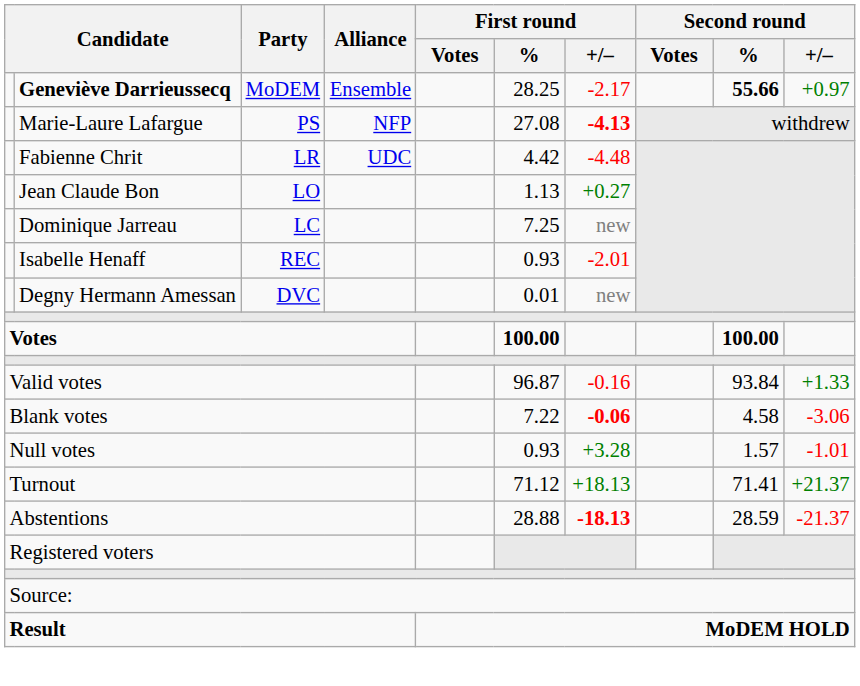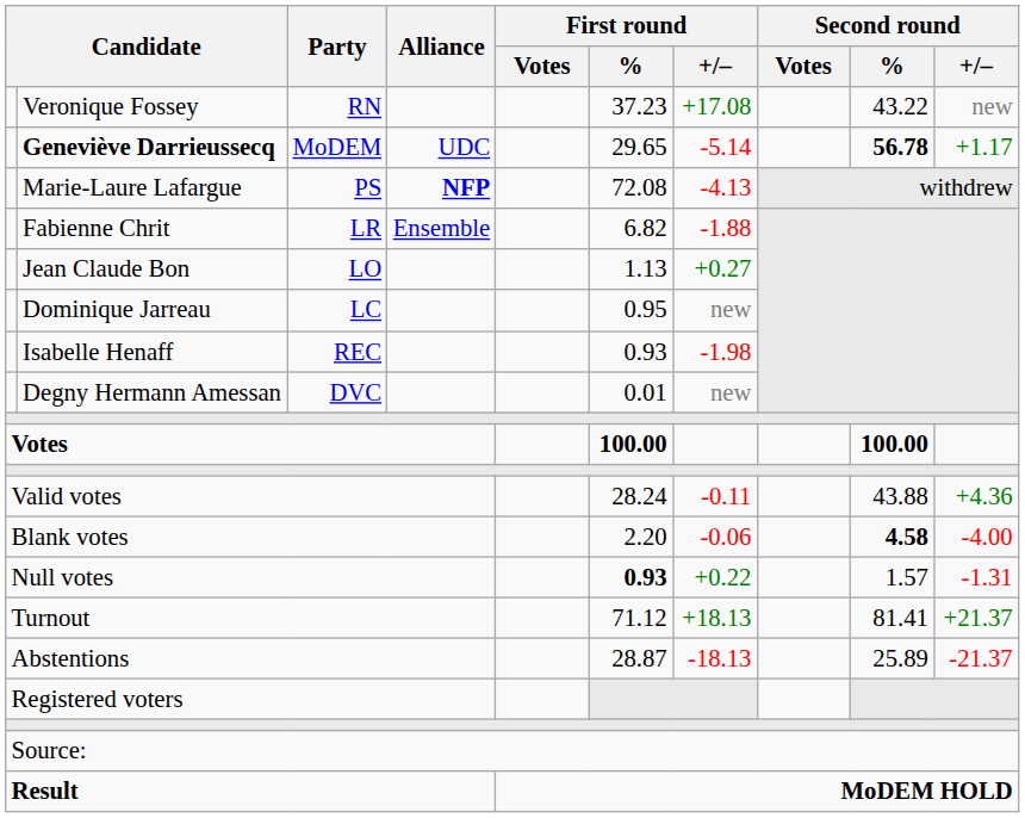 <table class="wikitable" style="text-align:right;font-size:95%;">
 <tr>
 <th rowspan="2" colspan="2">Candidate</th>
 <th colspan="1" rowspan="2">Party</th>
 <th colspan="1" rowspan="2">Alliance</th>
 <th colspan="3">First round</th>
 <th colspan="3">Second round</th>
 </tr>
 <tr>
 <th style="width:50px;">Votes</th>
 <th style="width:45px;">%</th>
 <th style="width:45px;">+/–</th>
 <th style="width:50px;">Votes</th>
 <th style="width:45px;">%</th>
 <th style="width:45px;">+/–</th>
 </tr>
 <tr>
 <td style="color:inherit;background:"></td>
+<td style="text-align:left;">Veronique Fossey</td>
+<td><a href='#'>RN</a></td>
+<td></td>
+<td></td>
+<td>37.23</td>
+<td style="color:green;">+17.08</td>
+<td></td>
+<td>43.22</td>
+<td style="color:grey;">new</td>
+</tr>
+<tr>
+<td style="color:inherit;background:"></td>
 <td style="text-align:left;"><strong>Geneviève Darrieussecq</strong></td>
 <td><a href='#'>MoDEM</a></td>
-<td><a href='#'>Ensemble</a></td>
+<td><a href='#'>UDC</a></td>
 <td></td>
-<td>28.25</td>
-<td style="color:red;">-2.17</td>
+<td>29.65</td>
+<td style="color:red;">-5.14</td>
 <td><strong></strong></td>
-<td><strong>55.66</strong></td>
-<td style="color:green;">+0.97</td>
+<td><strong>56.78</strong></td>
+<td style="color:green;">+1.17</td>
 </tr>
 <tr>
 <td style="color:inherit;background:"></td>
 <td style="text-align:left;">Marie-Laure Lafargue</td>
 <td><a href='#'>PS</a></td>
-<td><a href='#'>NFP</a></td>
+<td><strong><a href='#'>NFP</a></strong></td>
 <td></td>
-<td>27.08</td>
-<td style="color:red;"><strong>-4.13</strong></td>
+<td>72.08</td>
+<td style="color:red;">-4.13</td>
 <td colspan="3" style="background:#E9E9E9;">withdrew</td>
 </tr>
 <tr>
 <td style="color:inherit;background:"></td>
 <td style="text-align:left;">Fabienne Chrit</td>
 <td><a href='#'>LR</a></td>
-<td><a href='#'>UDC</a></td>
+<td><a href='#'>Ensemble</a></td>
 <td></td>
-<td>4.42</td>
-<td style="color:red;">-4.48</td>
+<td>6.82</td>
+<td style="color:red;">-1.88</td>
 <td colspan="3" rowspan="5" style="background:#E9E9E9;"></td>
 </tr>
 <tr>
 <td style="color:inherit;background:"></td>
 <td style="text-align:left;">Jean Claude Bon</td>
 <td><a href='#'>LO</a></td>
 <td></td>
 <td></td>
 <td>1.13</td>
 <td style="color:green;">+0.27</td>
 </tr>
 <tr>
 <td style="color:inherit;background:"></td>
 <td style="text-align:left;">Dominique Jarreau</td>
 <td><a href='#'>LC</a></td>
 <td></td>
 <td></td>
-<td>7.25</td>
+<td>0.95</td>
 <td style="color:grey;">new</td>
 </tr>
 <tr>
 <td style="color:inherit;background:"></td>
 <td style="text-align:left;">Isabelle Henaff</td>
 <td><a href='#'>REC</a></td>
 <td></td>
 <td></td>
 <td>0.93</td>
-<td style="color:red;">-2.01</td>
+<td style="color:red;">-1.98</td>
 </tr>
 <tr>
 <td style="color:inherit;background:"></td>
 <td style="text-align:left;">Degny Hermann Amessan</td>
 <td><a href='#'>DVC</a></td>
 <td></td>
 <td></td>
 <td>0.01</td>
 <td style="color:grey;">new</td>
 </tr>
 <tr>
 <td colspan="10" style="background:#E9E9E9;"></td>
 </tr>
 <tr style="font-weight:bold;">
 <td colspan="4" style="text-align:left;">Votes</td>
 <td></td>
 <td>100.00</td>
 <td></td>
 <td></td>
 <td>100.00</td>
 <td></td>
 </tr>
 <tr>
 <td colspan="10" style="background:#E9E9E9;"></td>
 </tr>
 <tr>
 <td colspan="4" style="text-align:left;">Valid votes</td>
 <td></td>
-<td>96.87</td>
-<td style="color:red;">-0.16</td>
+<td>28.24</td>
+<td style="color:red;">-0.11</td>
 <td></td>
-<td>93.84</td>
-<td style="color:green;">+1.33</td>
+<td>43.88</td>
+<td style="color:green;">+4.36</td>
 </tr>
 <tr>
 <td colspan="4" style="text-align:left;">Blank votes</td>
 <td></td>
-<td>7.22</td>
-<td style="color:red;"><strong>-0.06</strong></td>
+<td>2.20</td>
+<td style="color:red;">-0.06</td>
 <td></td>
-<td>4.58</td>
-<td style="color:red;">-3.06</td>
+<td><strong>4.58</strong></td>
+<td style="color:red;">-4.00</td>
 </tr>
 <tr>
 <td colspan="4" style="text-align:left;">Null votes</td>
 <td></td>
-<td>0.93</td>
-<td style="color:green;">+3.28</td>
+<td><strong>0.93</strong></td>
+<td style="color:green;">+0.22</td>
 <td></td>
 <td>1.57</td>
-<td style="color:red;">-1.01</td>
+<td style="color:red;">-1.31</td>
 </tr>
 <tr>
 <td colspan="4" style="text-align:left;">Turnout</td>
 <td></td>
 <td>71.12</td>
 <td style="color:green;">+18.13</td>
 <td></td>
-<td>71.41</td>
+<td>81.41</td>
 <td style="color:green;">+21.37</td>
 </tr>
 <tr>
 <td colspan="4" style="text-align:left;">Abstentions</td>
 <td></td>
-<td>28.88</td>
-<td style="color:red;"><strong>-18.13</strong></td>
+<td>28.87</td>
+<td style="color:red;">-18.13</td>
 <td></td>
-<td>28.59</td>
+<td>25.89</td>
 <td style="color:red;">-21.37</td>
 </tr>
 <tr>
 <td colspan="4" style="text-align:left;">Registered voters</td>
 <td></td>
 <td colspan="2" style="background:#E9E9E9;"></td>
 <td></td>
 <td colspan="2" style="background:#E9E9E9;"></td>
 </tr>
 <tr>
 <td colspan="10" style="background:#E9E9E9;"></td>
 </tr>
 <tr>
 <td colspan="10" style="text-align:left;">Source: </td>
 </tr>
 <tr style="font-weight:bold">
 <td colspan="4" style="text-align:left;">Result</td>
 <td colspan="6" style="background-color:">MoDEM HOLD</td>
 </tr>
 </table>
